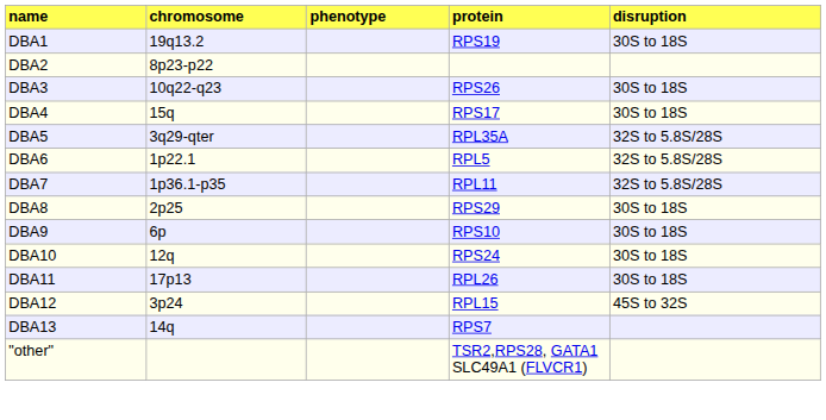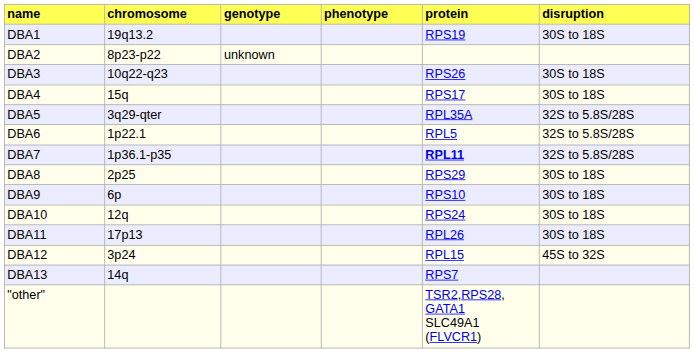 <table class="wikitable">
 <tr style="text-align:left; background:#ffff54; vertical-align:top;">
 <td style="width:10%"><strong>name</strong></td>
 <td style="width:10%;"><strong>chromosome</strong></td>
+<td style="width:10%;"><strong>genotype</strong></td>
 <td style="width:10%;"><strong>phenotype </strong></td>
 <td style="width:10%;"><strong>protein</strong></td>
 <td style="width:15%;"><strong>disruption</strong></td>
 </tr>
 <tr style="text-align:left; background:#ececff; vertical-align:top;">
 <td>DBA1</td>
 <td>19q13.2</td>
 <td></td>
+<td></td>
 <td><a href='#'>RPS19</a></td>
 <td>30S to 18S</td>
 </tr>
 <tr style="text-align:left; background:#ffffec; vertical-align:top;">
 <td>DBA2</td>
 <td>8p23-p22</td>
+<td>unknown</td>
 <td></td>
 <td></td>
 <td></td>
 </tr>
 <tr style="text-align:left; background:#ececff; vertical-align:top;">
 <td>DBA3</td>
 <td>10q22-q23</td>
 <td></td>
+<td></td>
 <td><a href='#'>RPS26</a></td>
 <td>30S to 18S</td>
 </tr>
 <tr style="text-align:left; background:#ffffec; vertical-align:top;">
 <td>DBA4</td>
 <td>15q</td>
+<td></td>
 <td></td>
 <td><a href='#'>RPS17</a></td>
 <td>30S to 18S</td>
 </tr>
 <tr style="text-align:left; background:#ececff; vertical-align:top;">
 <td>DBA5</td>
 <td>3q29-qter</td>
 <td></td>
+<td></td>
 <td><a href='#'>RPL35A</a></td>
 <td>32S to 5.8S/28S</td>
 </tr>
 <tr style="text-align:left; background:#ffffec; vertical-align:top;">
 <td>DBA6</td>
 <td>1p22.1</td>
+<td></td>
 <td></td>
 <td><a href='#'>RPL5</a></td>
 <td>32S to 5.8S/28S</td>
 </tr>
 <tr style="text-align:left; background:#ececff; vertical-align:top;">
 <td>DBA7</td>
 <td>1p36.1-p35</td>
 <td></td>
-<td><a href='#'>RPL11</a></td>
+<td></td>
+<td><strong><a href='#'>RPL11</a></strong></td>
 <td>32S to 5.8S/28S</td>
 </tr>
 <tr style="text-align:left; background:#ffffec; vertical-align:top;">
 <td>DBA8</td>
 <td>2p25</td>
+<td></td>
 <td></td>
 <td><a href='#'>RPS29</a></td>
 <td>30S to 18S</td>
 </tr>
 <tr style="text-align:left; background:#ececff; vertical-align:top;">
 <td>DBA9</td>
 <td>6p</td>
 <td></td>
+<td></td>
 <td><a href='#'>RPS10</a></td>
 <td>30S to 18S</td>
 </tr>
 <tr style="text-align:left; background:#ffffec; vertical-align:top;">
 <td>DBA10</td>
 <td>12q</td>
+<td></td>
 <td></td>
 <td><a href='#'>RPS24</a></td>
 <td>30S to 18S</td>
 </tr>
 <tr style="text-align:left; background:#ececff; vertical-align:top;">
 <td>DBA11</td>
 <td>17p13</td>
 <td></td>
+<td></td>
 <td><a href='#'>RPL26</a></td>
 <td>30S to 18S</td>
 </tr>
 <tr style="text-align:left; background:#ffffec; vertical-align:top;">
 <td>DBA12</td>
 <td>3p24</td>
+<td></td>
 <td></td>
 <td><a href='#'>RPL15</a></td>
 <td>45S to 32S</td>
 </tr>
 <tr style="text-align:left; background:#ececff; vertical-align:top;">
 <td>DBA13</td>
 <td>14q</td>
 <td></td>
+<td></td>
 <td><a href='#'>RPS7</a></td>
 <td></td>
 </tr>
 <tr style="text-align:left; background:#ffffec; vertical-align:top;">
 <td>"other"</td>
 <td></td>
 <td></td>
+<td></td>
 <td><a href='#'>TSR2</a>,<a href='#'>RPS28</a>, <a href='#'>GATA1</a><br>SLC49A1 (<a href='#'>FLVCR1</a>)</td>
 <td></td>
 </tr>
 </table>
